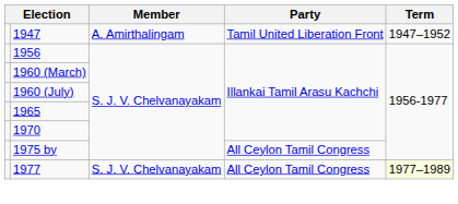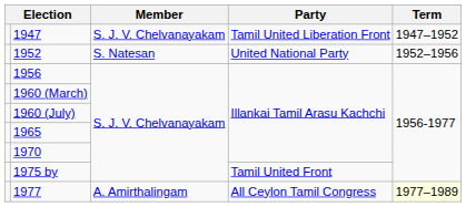 <table class="wikitable">
 <tr>
 <th colspan="2">Election</th>
 <th>Member</th>
 <th>Party</th>
 <th>Term</th>
 </tr>
 <tr>
 <td style="background-color: "></td>
 <td><a href='#'>1947</a></td>
-<td><a href='#'>A. Amirthalingam</a></td>
+<td><a href='#'>S. J. V. Chelvanayakam</a></td>
 <td><a href='#'>Tamil United Liberation Front</a></td>
 <td>1947–1952</td>
+</tr>
+<tr>
+<td style="background-color: "></td>
+<td><a href='#'>1952</a></td>
+<td><a href='#'>S. Natesan</a></td>
+<td><a href='#'>United National Party</a></td>
+<td>1952–1956</td>
 </tr>
 <tr>
 <td style="background-color: "></td>
 <td><a href='#'>1956</a></td>
 <td rowspan ="6"><a href='#'>S. J. V. Chelvanayakam</a></td>
 <td rowspan ="5"><a href='#'>Illankai Tamil Arasu Kachchi</a></td>
 <td rowspan ="6">1956-1977</td>
 </tr>
 <tr>
 <td style="background-color: "></td>
 <td><a href='#'>1960 (March)</a></td>
 </tr>
 <tr>
 <td style="background-color: "></td>
 <td><a href='#'>1960 (July)</a></td>
 </tr>
 <tr>
 <td style="background-color: "></td>
 <td><a href='#'>1965</a></td>
 </tr>
 <tr>
 <td style="background-color: "></td>
 <td><a href='#'>1970</a></td>
 </tr>
 <tr>
 <td style="background-color: "></td>
 <td><a href='#'>1975 by</a></td>
-<td><a href='#'>All Ceylon Tamil Congress</a></td>
+<td><a href='#'>Tamil United Front</a></td>
 </tr>
 <tr>
 <td style="background-color: "></td>
 <td><a href='#'>1977</a></td>
-<td><a href='#'>S. J. V. Chelvanayakam</a></td>
+<td><a href='#'>A. Amirthalingam</a></td>
 <td><a href='#'>All Ceylon Tamil Congress</a></td>
 <td style="background: lightyellow;">1977–1989</td>
 </tr>
 </table>
